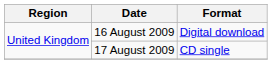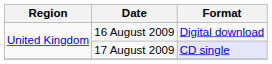 <table class="wikitable">
 <tr>
 <th>Region</th>
 <th>Date</th>
 <th>Format</th>
 </tr>
 <tr>
 <td rowspan="2"><a href='#'>United Kingdom</a></td>
 <td>16 August 2009</td>
 <td><a href='#'>Digital download</a></td>
 </tr>
 <tr>
 <td>17 August 2009</td>
-<td><a href='#'>CD single</a></td>
+<td style="background: lavender;"><a href='#'>CD single</a></td>
 </tr>
 <tr>
 </tr>
 </table>
